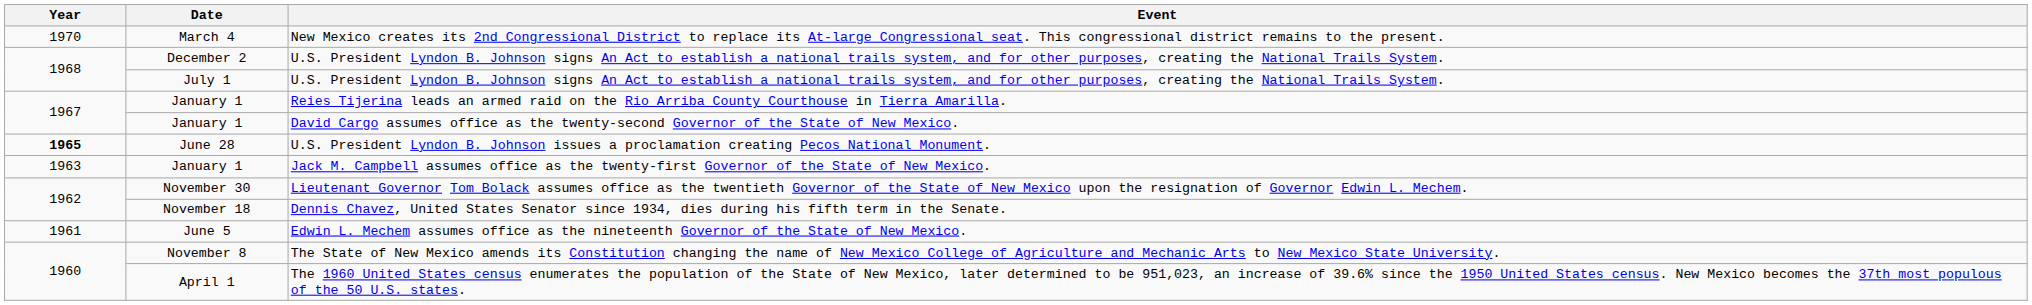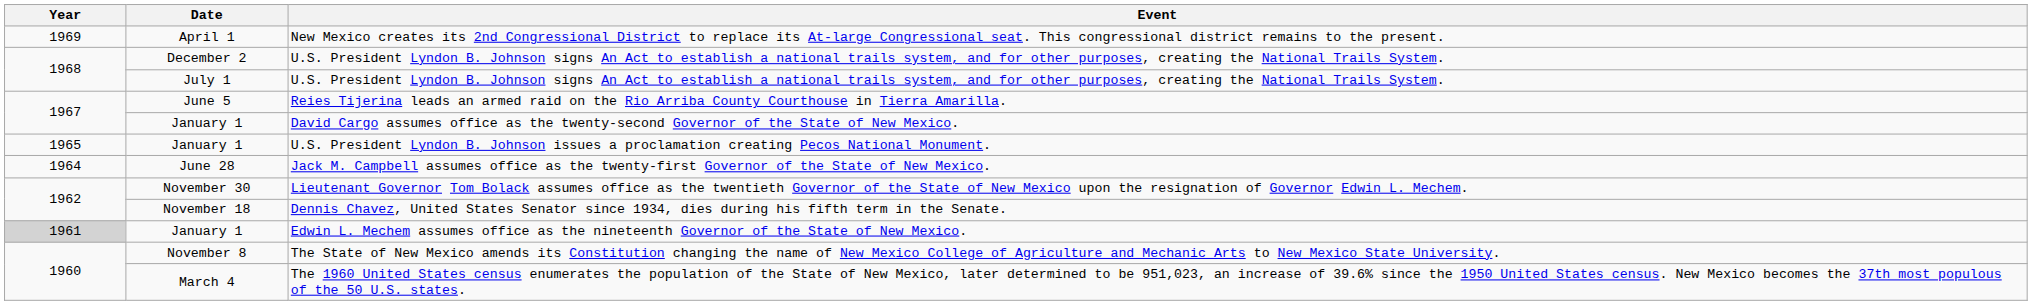 <table class="wikitable" style="width:100%;">
 <tr>
 <th style="width:6%">Year</th>
 <th style="width:8%">Date</th>
 <th style="width:86%">Event</th>
 </tr>
 <tr>
-<td align=center rowspan=1>1970</td>
-<td align=center>March 4</td>
+<td align=center rowspan=1>1969</td>
+<td align=center>April 1</td>
 <td>New Mexico creates its <a href='#'>2nd Congressional District</a> to replace its <a href='#'>At-large Congressional seat</a>.  This congressional district remains to the present.</td>
 </tr>
 <tr>
 <td align=center rowspan=2>1968</td>
 <td align=center>December 2</td>
 <td>U.S. President <a href='#'>Lyndon B. Johnson</a> signs <a href='#'>An Act to establish a national trails system, and for other purposes</a>, creating the <a href='#'>National Trails System</a>.</td>
 </tr>
 <tr>
 <td align=center>July 1</td>
 <td>U.S. President <a href='#'>Lyndon B. Johnson</a> signs <a href='#'>An Act to establish a national trails system, and for other purposes</a>, creating the <a href='#'>National Trails System</a>.</td>
 </tr>
 <tr>
 <td align=center rowspan=2>1967</td>
-<td align=center>January 1</td>
+<td align=center>June 5</td>
 <td><a href='#'>Reies Tijerina</a> leads an armed raid on the <a href='#'>Rio Arriba County Courthouse</a> in <a href='#'>Tierra Amarilla</a>.</td>
 </tr>
 <tr>
 <td align=center>January 1</td>
 <td><a href='#'>David Cargo</a> assumes office as the twenty-second <a href='#'>Governor of the State of New Mexico</a>.</td>
 </tr>
 <tr>
-<td align=center rowspan=1><strong>1965</strong></td>
-<td align=center>June 28</td>
+<td align=center rowspan=1>1965</td>
+<td align=center>January 1</td>
 <td>U.S. President <a href='#'>Lyndon B. Johnson</a> issues a proclamation creating <a href='#'>Pecos National Monument</a>.</td>
 </tr>
 <tr>
-<td align=center rowspan=1>1963</td>
-<td align=center>January 1</td>
+<td align=center rowspan=1>1964</td>
+<td align=center>June 28</td>
 <td><a href='#'>Jack M. Campbell</a> assumes office as the twenty-first <a href='#'>Governor of the State of New Mexico</a>.</td>
 </tr>
 <tr>
 <td align=center rowspan=2>1962</td>
 <td align=center>November 30</td>
 <td><a href='#'>Lieutenant Governor</a> <a href='#'>Tom Bolack</a> assumes office as the twentieth <a href='#'>Governor of the State of New Mexico</a> upon the resignation of <a href='#'>Governor</a> <a href='#'>Edwin L. Mechem</a>.</td>
 </tr>
 <tr>
 <td align=center>November 18</td>
 <td><a href='#'>Dennis Chavez</a>, United States Senator since 1934, dies during his fifth term in the Senate.</td>
 </tr>
 <tr>
-<td align=center rowspan=1>1961</td>
-<td align=center>June 5</td>
+<td align=center rowspan=1 style="background: lightgrey;">1961</td>
+<td align=center>January 1</td>
 <td><a href='#'>Edwin L. Mechem</a> assumes office as the nineteenth <a href='#'>Governor of the State of New Mexico</a>.</td>
 </tr>
 <tr>
 <td align=center rowspan=2>1960</td>
 <td align=center>November 8</td>
 <td>The State of New Mexico amends its <a href='#'>Constitution</a> changing the name of <a href='#'>New Mexico College of Agriculture and Mechanic Arts</a> to <a href='#'>New Mexico State University</a>.</td>
 </tr>
 <tr>
-<td align=center>April 1</td>
+<td align=center>March 4</td>
 <td>The <a href='#'>1960 United States census</a> enumerates the population of the State of New Mexico, later determined to be 951,023, an increase of 39.6% since the <a href='#'>1950 United States census</a>. New Mexico becomes the <a href='#'>37th most populous of the 50 U.S. states</a>.</td>
 </tr>
 </table>
